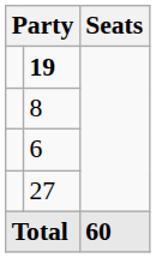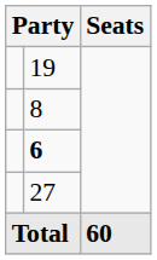 <table class="wikitable">
 <tr>
 <th colspan=2>Party</th>
 <th>Seats</th>
 </tr>
 <tr>
 <td></td>
-<td><strong>19</strong></td>
+<td>19</td>
 </tr>
 <tr>
 <td></td>
 <td>8</td>
 </tr>
 <tr>
 <td></td>
-<td>6</td>
+<td><strong>6</strong></td>
 </tr>
 <tr>
 <td></td>
 <td>27</td>
 </tr>
 <tr style="font-weight:bold; background:rgb(232,232,232);">
 <td colspan=2>Total</td>
 <td>60</td>
 </tr>
 </table>
